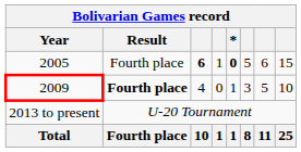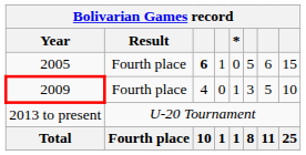 <table class="wikitable" style="text-align: center;">
 <tr>
 <th colspan=8><a href='#'>Bolivarian Games</a> record</th>
 </tr>
 <tr>
 <th>Year</th>
 <th>Result</th>
 <th></th>
 <th></th>
 <th>*</th>
 <th></th>
 <th></th>
 <th></th>
 </tr>
 <tr>
 <td> 2005</td>
 <td>Fourth place</td>
 <td><strong>6</strong></td>
 <td>1</td>
-<td><strong>0</strong></td>
+<td>0</td>
 <td>5</td>
 <td>6</td>
 <td>15</td>
 </tr>
 <tr>
 <td style="border: 3px solid red"> 2009</td>
-<td><strong>Fourth place</strong></td>
+<td>Fourth place</td>
 <td>4</td>
 <td>0</td>
 <td>1</td>
 <td>3</td>
 <td>5</td>
 <td>10</td>
 </tr>
 <tr>
 <td> 2013 to present</td>
 <td colspan=7><em>U-20 Tournament</em></td>
 </tr>
 <tr>
 <th>Total</th>
 <th>Fourth place</th>
 <th>10</th>
 <th>1</th>
 <th>1</th>
 <th>8</th>
 <th>11</th>
 <th>25</th>
 </tr>
 </table>
